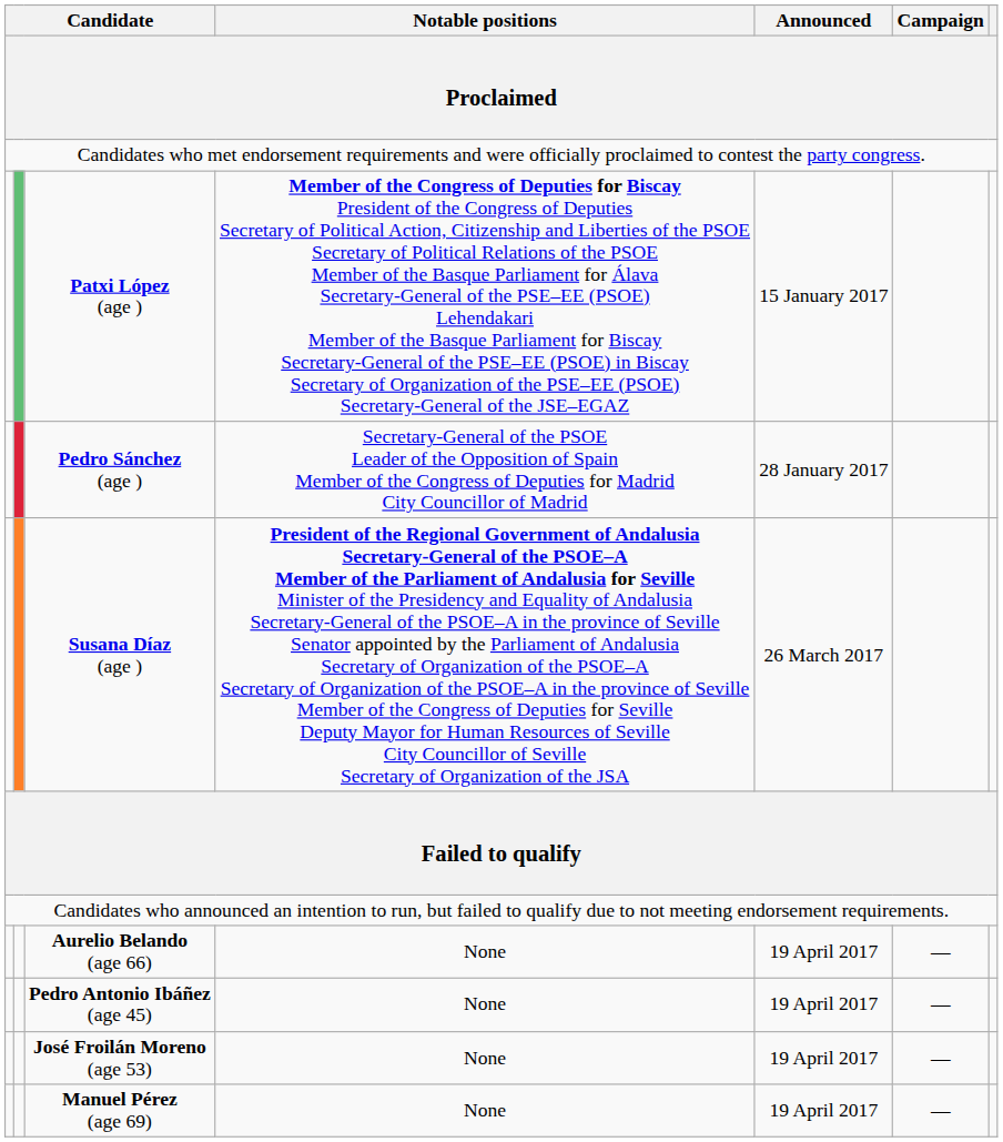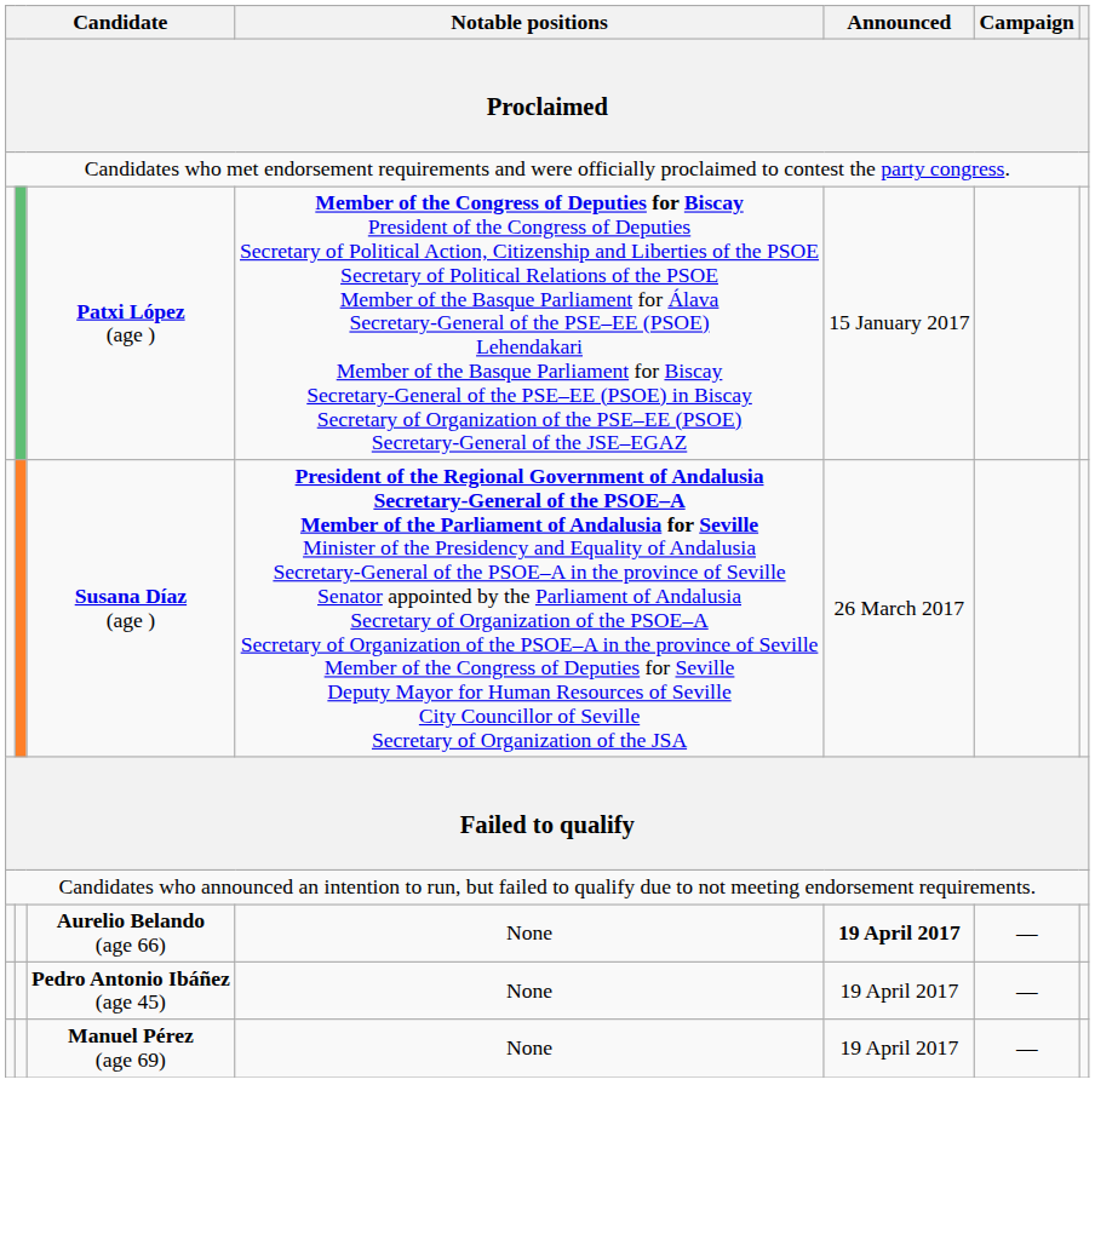 <table class="wikitable" style="text-align:center;">
 <tr>
 <th colspan="3">Candidate</th>
 <th>Notable positions</th>
 <th>Announced</th>
 <th>Campaign</th>
 <th></th>
 </tr>
 <tr>
 <th colspan="7"><br><h3>Proclaimed</h3></th>
 </tr>
 <tr>
 <td colspan="7">Candidates who met endorsement requirements and were officially proclaimed to contest the <a href='#'>party congress</a>.</td>
 </tr>
 <tr>
 <td></td>
 <td width="1px" style="color:inherit;background:#5FBE74"></td>
 <td><strong><a href='#'>Patxi López</a></strong><br>(age )</td>
 <td><strong><a href='#'>Member of the Congress of Deputies</a> for <a href='#'>Biscay</a> </strong><br><a href='#'>President of the Congress of Deputies</a> <br><a href='#'>Secretary of Political Action, Citizenship and Liberties of the PSOE</a> <br><a href='#'>Secretary of Political Relations of the PSOE</a> <br><a href='#'>Member of the Basque Parliament</a> for <a href='#'>Álava</a> <br><a href='#'>Secretary-General of the PSE–EE (PSOE)</a> <br><a href='#'>Lehendakari</a> <br><a href='#'>Member of the Basque Parliament</a> for <a href='#'>Biscay</a> <br><a href='#'>Secretary-General of the PSE–EE (PSOE) in Biscay</a> <br><a href='#'>Secretary of Organization of the PSE–EE (PSOE)</a> <br><a href='#'>Secretary-General of the JSE–EGAZ</a> </td>
 <td>15 January 2017</td>
 <td><br></td>
 <td></td>
 </tr>
 <tr>
 <td></td>
-<td style="color:inherit;background:#DD2239"></td>
-<td><strong><a href='#'>Pedro Sánchez</a></strong><br>(age )</td>
-<td><a href='#'>Secretary-General of the PSOE</a> <br><a href='#'>Leader of the Opposition of Spain</a> <br><a href='#'>Member of the Congress of Deputies</a> for <a href='#'>Madrid</a> <br><a href='#'>City Councillor of Madrid</a> </td>
-<td>28 January 2017</td>
-<td><br></td>
-<td></td>
-</tr>
-<tr>
-<td></td>
 <td style="color:inherit;background:#FF7F27"></td>
 <td><strong><a href='#'>Susana Díaz</a></strong><br>(age )</td>
 <td><strong><a href='#'>President of the Regional Government of Andalusia</a> <br><a href='#'>Secretary-General of the PSOE–A</a> <br><a href='#'>Member of the Parliament of Andalusia</a> for <a href='#'>Seville</a> </strong><br><a href='#'>Minister of the Presidency and Equality of Andalusia</a> <br><a href='#'>Secretary-General of the PSOE–A in the province of Seville</a> <br><a href='#'>Senator</a> appointed by the <a href='#'>Parliament of Andalusia</a> <br><a href='#'>Secretary of Organization of the PSOE–A</a> <br><a href='#'>Secretary of Organization of the PSOE–A in the province of Seville</a> <br><a href='#'>Member of the Congress of Deputies</a> for <a href='#'>Seville</a> <br><a href='#'>Deputy Mayor for Human Resources of Seville</a> <br><a href='#'>City Councillor of Seville</a> <br><a href='#'>Secretary of Organization of the JSA</a> </td>
 <td>26 March 2017</td>
 <td><br></td>
 <td></td>
 </tr>
 <tr>
 <th colspan="7"><br><h3>Failed to qualify</h3></th>
 </tr>
 <tr>
 <td colspan="7">Candidates who announced an intention to run, but failed to qualify due to not meeting endorsement requirements.</td>
 </tr>
 <tr>
 <td></td>
 <td style="color:inherit;background:"></td>
 <td><strong>Aurelio Belando</strong><br>(age 66)</td>
 <td>None</td>
-<td>19 April 2017</td>
+<td><strong>19 April 2017</strong></td>
 <td>—</td>
 <td><br></td>
 </tr>
 <tr>
 <td></td>
 <td style="color:inherit;background:"></td>
 <td><strong>Pedro Antonio Ibáñez</strong><br>(age 45)</td>
 <td>None</td>
 <td>19 April 2017</td>
 <td>—</td>
 <td><br></td>
 </tr>
 <tr>
 <td></td>
 <td style="color:inherit;background:"></td>
-<td><strong>José Froilán Moreno</strong><br>(age 53)</td>
-<td>None</td>
-<td>19 April 2017</td>
-<td>—</td>
-<td><br></td>
-</tr>
-<tr>
-<td></td>
-<td style="color:inherit;background:"></td>
 <td><strong>Manuel Pérez</strong><br>(age 69)</td>
 <td>None</td>
 <td>19 April 2017</td>
 <td>—</td>
 <td><br></td>
 </tr>
 </table>
